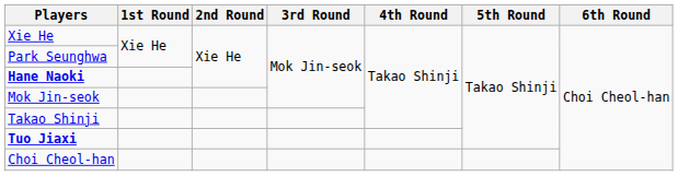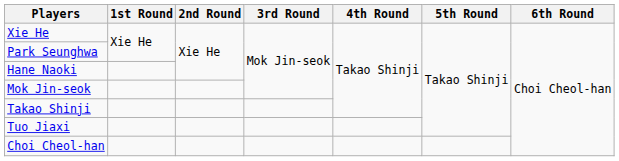 <table class="wikitable">
 <tr>
 <th>Players</th>
 <th>1st Round</th>
 <th>2nd Round</th>
 <th>3rd Round</th>
 <th>4th Round</th>
 <th>5th Round</th>
 <th>6th Round</th>
 </tr>
 <tr>
 <td> <a href='#'>Xie He</a></td>
 <td rowspan="2" valign="center">Xie He</td>
 <td rowspan="3" valign="center">Xie He</td>
 <td rowspan="4" valign="center">Mok Jin-seok</td>
 <td rowspan="5" valign="center">Takao Shinji</td>
 <td rowspan="6" valign="center">Takao Shinji</td>
 <td rowspan="7" valign="center">Choi Cheol-han</td>
 </tr>
 <tr>
 <td> <a href='#'>Park Seunghwa</a></td>
 </tr>
 <tr>
-<td><strong> <a href='#'>Hane Naoki</a></strong></td>
+<td> <a href='#'>Hane Naoki</a></td>
 <td></td>
 </tr>
 <tr>
 <td> <a href='#'>Mok Jin-seok</a></td>
 <td></td>
 <td></td>
 </tr>
 <tr>
 <td> <a href='#'>Takao Shinji</a></td>
 <td></td>
 <td></td>
 <td></td>
 </tr>
 <tr>
-<td><strong> <a href='#'>Tuo Jiaxi</a></strong></td>
+<td> <a href='#'>Tuo Jiaxi</a></td>
 <td></td>
 <td></td>
 <td></td>
 <td></td>
 </tr>
 <tr>
 <td> <a href='#'>Choi Cheol-han</a></td>
 <td></td>
 <td></td>
 <td></td>
 <td></td>
 <td></td>
 </tr>
 </table>
